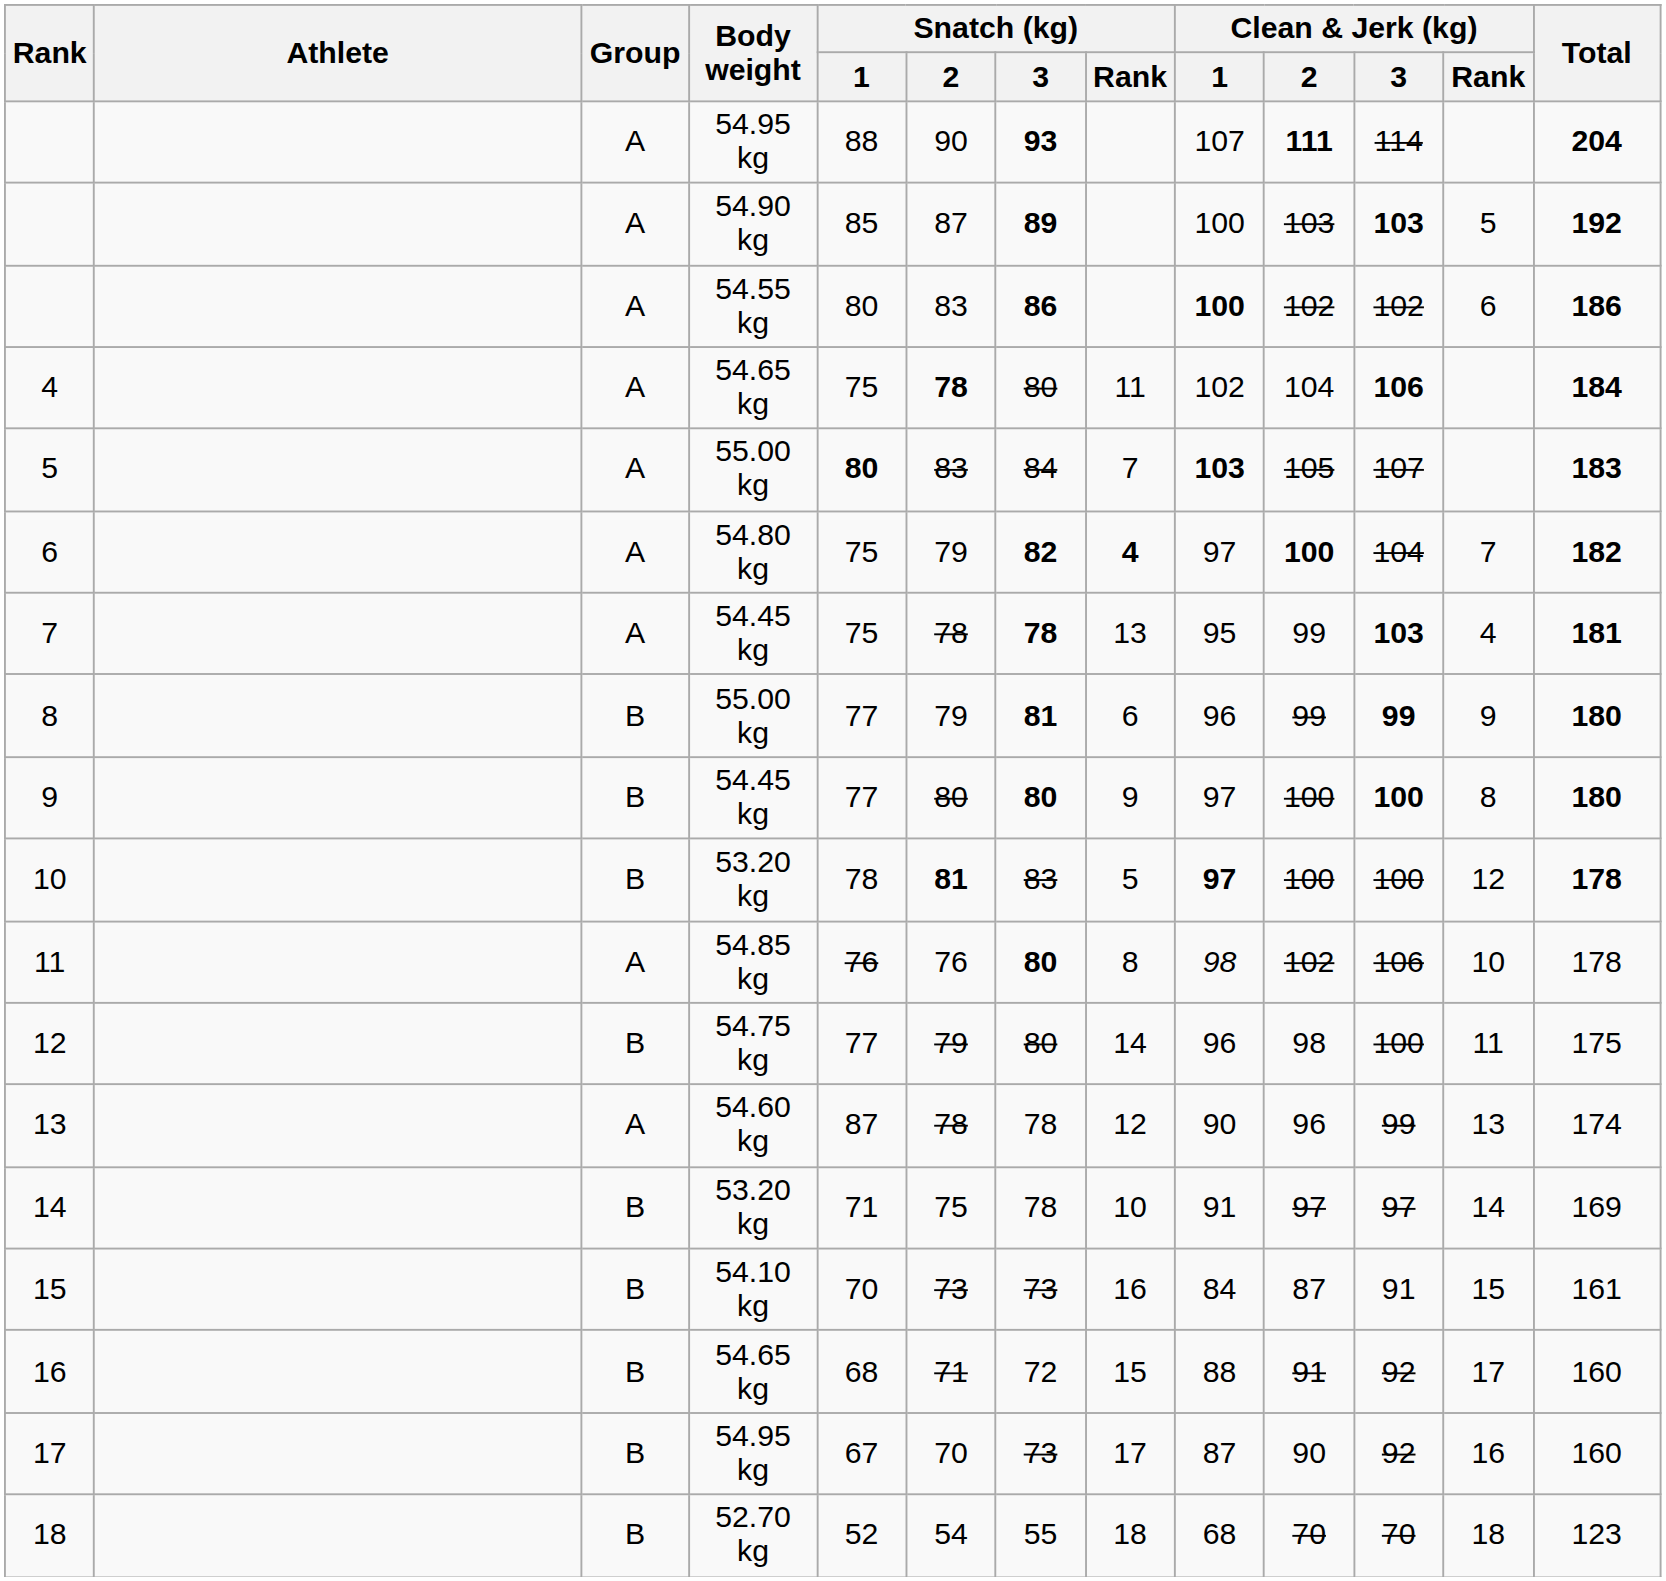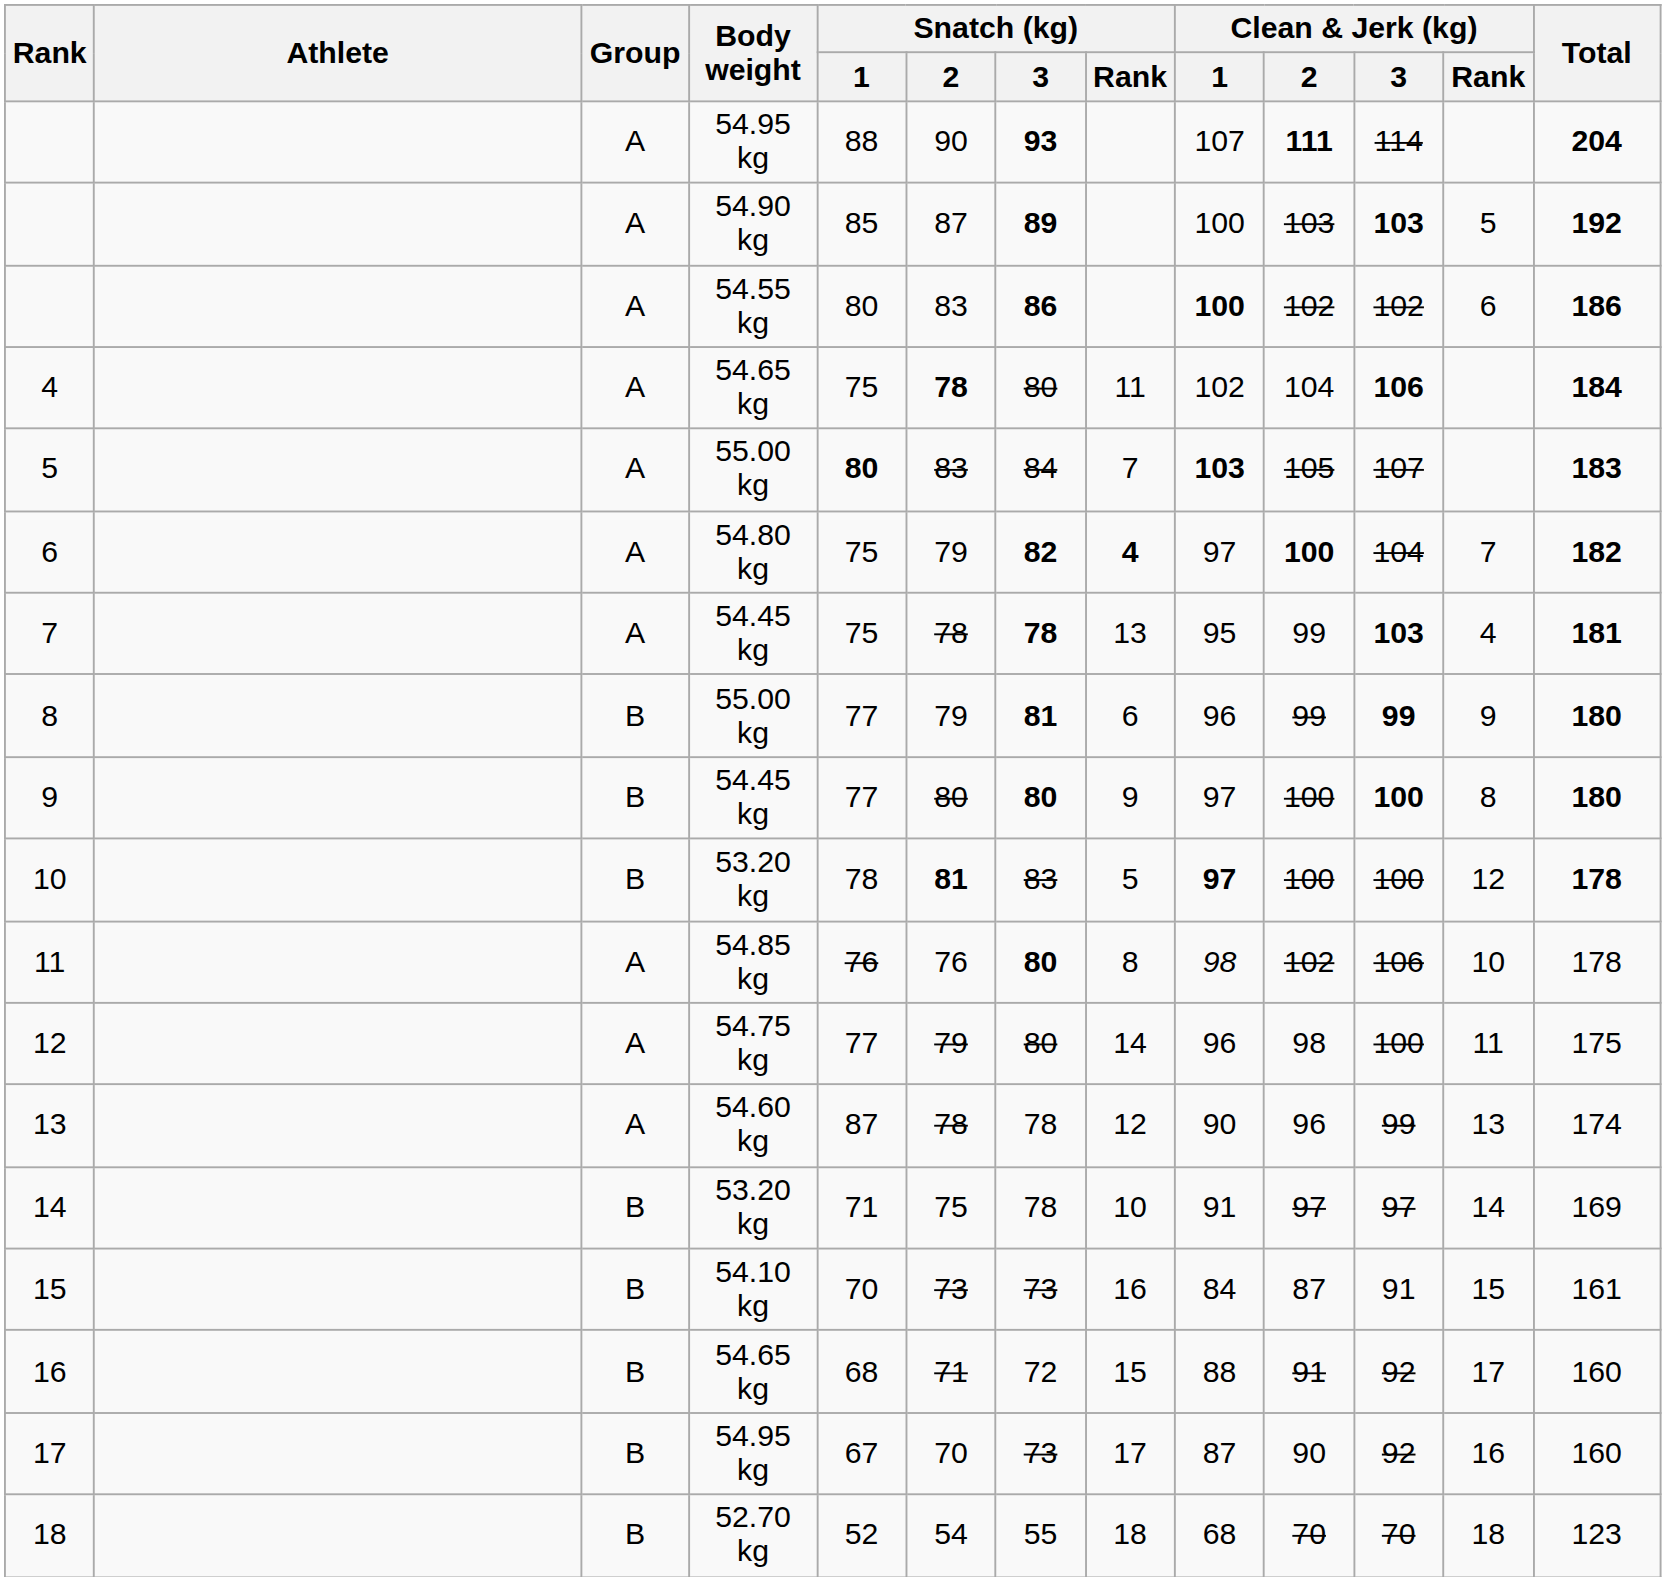 <table class = "wikitable" style="text-align:center;">
 <tr>
 <th rowspan=2 width=40>Rank</th>
 <th rowspan=2 width=250>Athlete</th>
 <th rowspan=2 width=50>Group</th>
 <th rowspan=2 width=60>Body weight</th>
 <th colspan=4>Snatch (kg)</th>
 <th colspan=4>Clean & Jerk (kg)</th>
 <th rowspan=2 width=60>Total</th>
 </tr>
 <tr>
 <th width=40>1</th>
 <th width=40>2</th>
 <th width=40>3</th>
 <th width=40>Rank</th>
 <th width=40>1</th>
 <th width=40>2</th>
 <th width=40>3</th>
 <th width=40>Rank</th>
 </tr>
 <tr>
 <td></td>
 <td align=left></td>
 <td>A</td>
 <td>54.95 kg</td>
 <td>88</td>
 <td>90</td>
 <td><strong>93</strong></td>
 <td></td>
 <td>107</td>
 <td><strong>111</strong></td>
 <td><s>114</s></td>
 <td></td>
 <td><strong>204</strong></td>
 </tr>
 <tr>
 <td></td>
 <td align=left></td>
 <td>A</td>
 <td>54.90 kg</td>
 <td>85</td>
 <td>87</td>
 <td><strong>89</strong></td>
 <td></td>
 <td>100</td>
 <td><s>103</s></td>
 <td><strong>103</strong></td>
 <td>5</td>
 <td><strong>192</strong></td>
 </tr>
 <tr>
 <td></td>
 <td align=left></td>
 <td>A</td>
 <td>54.55 kg</td>
 <td>80</td>
 <td>83</td>
 <td><strong>86</strong></td>
 <td></td>
 <td><strong>100</strong></td>
 <td><s>102</s></td>
 <td><s>102</s></td>
 <td>6</td>
 <td><strong>186</strong></td>
 </tr>
 <tr>
 <td>4</td>
 <td align=left></td>
 <td>A</td>
 <td>54.65 kg</td>
 <td>75</td>
 <td><strong>78</strong></td>
 <td><s>80</s></td>
 <td>11</td>
 <td>102</td>
 <td>104</td>
 <td><strong>106</strong></td>
 <td></td>
 <td><strong>184</strong></td>
 </tr>
 <tr>
 <td>5</td>
 <td align=left></td>
 <td>A</td>
 <td>55.00 kg</td>
 <td><strong>80</strong></td>
 <td><s>83</s></td>
 <td><s>84</s></td>
 <td>7</td>
 <td><strong>103</strong></td>
 <td><s>105</s></td>
 <td><s>107</s></td>
 <td></td>
 <td><strong>183</strong></td>
 </tr>
 <tr>
 <td>6</td>
 <td align=left></td>
 <td>A</td>
 <td>54.80 kg</td>
 <td>75</td>
 <td>79</td>
 <td><strong>82</strong></td>
 <td><strong>4</strong></td>
 <td>97</td>
 <td><strong>100</strong></td>
 <td><s>104</s></td>
 <td>7</td>
 <td><strong>182</strong></td>
 </tr>
 <tr>
 <td>7</td>
 <td align=left></td>
 <td>A</td>
 <td>54.45 kg</td>
 <td>75</td>
 <td><s>78</s></td>
 <td><strong>78</strong></td>
 <td>13</td>
 <td>95</td>
 <td>99</td>
 <td><strong>103</strong></td>
 <td>4</td>
 <td><strong>181</strong></td>
 </tr>
 <tr>
 <td>8</td>
 <td align=left></td>
 <td>B</td>
 <td>55.00 kg</td>
 <td>77</td>
 <td>79</td>
 <td><strong>81</strong></td>
 <td>6</td>
 <td>96</td>
 <td><s>99</s></td>
 <td><strong>99</strong></td>
 <td>9</td>
 <td><strong>180</strong></td>
 </tr>
 <tr>
 <td>9</td>
 <td align=left></td>
 <td>B</td>
 <td>54.45 kg</td>
 <td>77</td>
 <td><s>80</s></td>
 <td><strong>80</strong></td>
 <td>9</td>
 <td>97</td>
 <td><s>100</s></td>
 <td><strong>100</strong></td>
 <td>8</td>
 <td><strong>180</strong></td>
 </tr>
 <tr>
 <td>10</td>
 <td align=left></td>
 <td>B</td>
 <td>53.20 kg</td>
 <td>78</td>
 <td><strong>81</strong></td>
 <td><s>83</s></td>
 <td>5</td>
 <td><strong>97</strong></td>
 <td><s>100</s></td>
 <td><s>100</s></td>
 <td>12</td>
 <td><strong>178</strong></td>
 </tr>
 <tr>
 <td>11</td>
 <td align=left></td>
 <td>A</td>
 <td>54.85 kg</td>
 <td><s>76</s></td>
 <td>76</td>
 <td><strong>80</strong></td>
 <td>8</td>
 <td><em>98<strong></td>
 <td><s>102</s></td>
 <td><s>106</s></td>
 <td>10</td>
 <td></strong>178<strong></td>
 </tr>
 <tr>
 <td>12</td>
 <td align=left></td>
-<td>B</td>
+<td>A</td>
 <td>54.75 kg</td>
 <td></strong>77<strong></td>
 <td><s>79</s></td>
 <td><s>80</s></td>
 <td>14</td>
 <td>96</td>
 <td></strong>98<strong></td>
 <td><s>100</s></td>
 <td>11</td>
 <td></strong>175<strong></td>
 </tr>
 <tr>
 <td>13</td>
 <td align=left></td>
 <td>A</td>
 <td>54.60 kg</td>
 <td>87</td>
 <td><s>78</s></td>
 <td></strong>78<strong></td>
 <td>12</td>
 <td>90</td>
 <td></strong>96<strong></td>
 <td><s>99</s></td>
 <td>13</td>
 <td></strong>174<strong></td>
 </tr>
 <tr>
 <td>14</td>
 <td align=left></td>
 <td>B</td>
 <td>53.20 kg</td>
 <td>71</td>
 <td>75</td>
 <td></strong>78<strong></td>
 <td>10</td>
 <td></strong>91<strong></td>
 <td><s>97</s></td>
 <td><s>97</s></td>
 <td>14</td>
 <td></strong>169<strong></td>
 </tr>
 <tr>
 <td>15</td>
 <td align=left></td>
 <td>B</td>
 <td>54.10 kg</td>
 <td></strong>70<strong></td>
 <td><s>73</s></td>
 <td><s>73</s></td>
 <td>16</td>
 <td>84</td>
 <td>87</td>
 <td></strong>91<strong></td>
 <td>15</td>
 <td></strong>161<strong></td>
 </tr>
 <tr>
 <td>16</td>
 <td align=left></td>
 <td>B</td>
 <td>54.65 kg</td>
 <td>68</td>
 <td><s>71</s></td>
 <td></strong>72<strong></td>
 <td>15</td>
 <td></strong>88<strong></td>
 <td><s>91</s></td>
 <td><s>92</s></td>
 <td>17</td>
 <td></strong>160<strong></td>
 </tr>
 <tr>
 <td>17</td>
 <td align=left></td>
 <td>B</td>
 <td>54.95 kg</td>
 <td>67</td>
 <td></strong>70<strong></td>
 <td><s>73</s></td>
 <td>17</td>
 <td>87</td>
 <td></strong>90<strong></td>
 <td><s>92</s></td>
 <td>16</td>
 <td></strong>160<strong></td>
 </tr>
 <tr>
 <td>18</td>
 <td align=left></td>
 <td>B</td>
 <td>52.70 kg</td>
 <td>52</td>
 <td>54</td>
 <td></strong>55<strong></td>
 <td>18</td>
 <td></strong>68<strong></td>
 <td><s>70</s></td>
 <td><s>70</s></td>
 <td>18</td>
 <td></strong>123<strong></td>
 </tr>
 </table>
